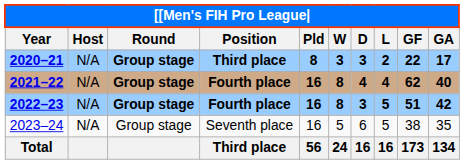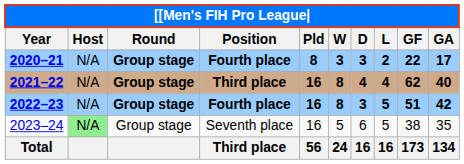 <table class="wikitable" style="text-align: center; width:85%">
 <tr>
 <th colspan=10 style="background: #0077FF;border: 2px solid #ff3300;color: #FFFFFF;">[[Men's FIH Pro League|</th>
 </tr>
 <tr>
 <th>Year</th>
 <th>Host</th>
 <th>Round</th>
 <th>Position</th>
 <th>Pld</th>
 <th>W</th>
 <th>D</th>
 <th>L</th>
 <th>GF</th>
 <th>GA</th>
 </tr>
 <tr bgcolor=#9acdff>
 <td><strong><a href='#'>2020–21</a></strong></td>
 <td>N/A</td>
 <td><strong>Group stage</strong></td>
-<td><strong>Third place</strong></td>
+<td><strong>Fourth place</strong></td>
 <td><strong>8</strong></td>
 <td><strong>3</strong></td>
 <td><strong>3</strong></td>
 <td><strong>2</strong></td>
 <td><strong>22</strong></td>
 <td><strong>17</strong></td>
 </tr>
 <tr bgcolor=#CFAA88>
 <td><strong><a href='#'>2021–22</a></strong></td>
 <td>N/A</td>
 <td><strong>Group stage</strong></td>
-<td><strong>Fourth place</strong></td>
+<td><strong>Third place</strong></td>
 <td><strong>16</strong></td>
 <td><strong>8</strong></td>
 <td><strong>4</strong></td>
 <td><strong>4</strong></td>
 <td><strong>62</strong></td>
 <td><strong>40</strong></td>
 </tr>
 <tr bgcolor=#9acdff>
 <td><strong><a href='#'>2022–23</a></strong></td>
 <td>N/A</td>
 <td><strong>Group stage</strong></td>
 <td><strong>Fourth place</strong></td>
 <td><strong>16</strong></td>
 <td><strong>8</strong></td>
 <td><strong>3</strong></td>
 <td><strong>5</strong></td>
 <td><strong>51</strong></td>
 <td><strong>42</strong></td>
 </tr>
 <tr>
 <td><a href='#'>2023–24</a></td>
-<td>N/A</td>
+<td style="background: lightgreen;">N/A</td>
 <td>Group stage</td>
 <td>Seventh place</td>
 <td>16</td>
 <td>5</td>
 <td>6</td>
 <td>5</td>
 <td>38</td>
 <td>35</td>
 </tr>
 <tr>
 <th>Total</th>
 <th></th>
 <th></th>
 <th>Third place</th>
 <th>56</th>
 <th>24</th>
 <th>16</th>
 <th>16</th>
 <th>173</th>
 <th>134</th>
 </tr>
 </table>
